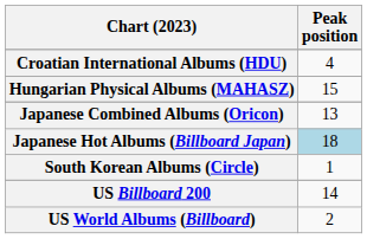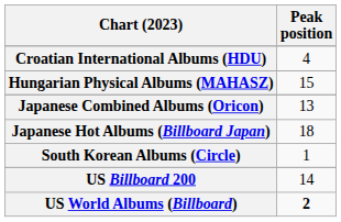 <table class="wikitable sortable plainrowheaders" style="text-align:center;">
 <tr>
 <th scope="col">Chart (2023)</th>
 <th scope="col">Peak<br>position</th>
 </tr>
 <tr>
 </tr>
 <tr>
 </tr>
 <tr>
 <th scope="row">Croatian International Albums (<a href='#'>HDU</a>)</th>
 <td>4</td>
 </tr>
 <tr>
 </tr>
 <tr>
 </tr>
 <tr>
 <th scope="row">Hungarian Physical Albums (<a href='#'>MAHASZ</a>)</th>
 <td>15</td>
 </tr>
 <tr>
 </tr>
 <tr>
 <th scope="row">Japanese Combined Albums (<a href='#'>Oricon</a>)</th>
 <td>13</td>
 </tr>
 <tr>
 <th scope="row">Japanese Hot Albums (<em><a href='#'>Billboard Japan</a></em>)</th>
-<td style="background: lightblue;">18</td>
+<td>18</td>
 </tr>
 <tr>
 <th scope="row">South Korean Albums (<a href='#'>Circle</a>)</th>
 <td>1</td>
 </tr>
 <tr>
 </tr>
 <tr>
 </tr>
 <tr>
 </tr>
 <tr>
 <th scope="row">US <a href='#'><em>Billboard</em> 200</a></th>
 <td>14</td>
 </tr>
 <tr>
 <th scope="row">US <a href='#'>World Albums</a> (<em><a href='#'>Billboard</a></em>)</th>
-<td>2</td>
+<td><strong>2</strong></td>
 </tr>
 </table>
